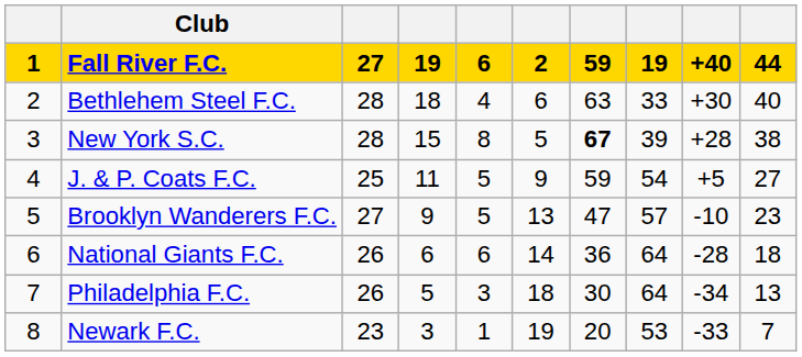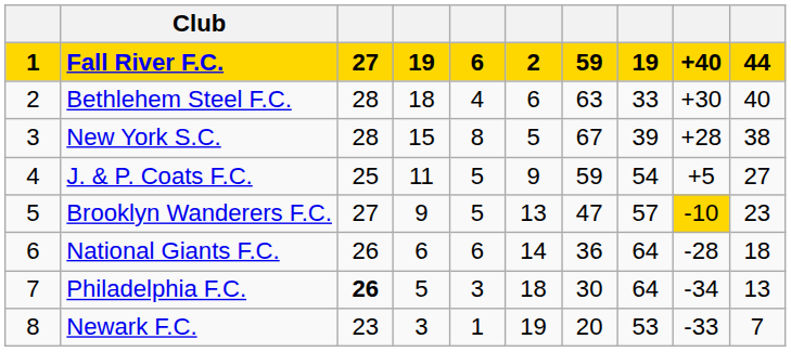 <table class="wikitable" style="text-align:center">
 <tr>
 <th width=30></th>
 <th>Club</th>
 <th width=30></th>
 <th width=30></th>
 <th width=30></th>
 <th width=30></th>
 <th width=30></th>
 <th width=30></th>
 <th width=30></th>
 <th width=30></th>
 </tr>
 <tr bgcolor="gold">
 <td><strong>1</strong></td>
 <td align=left><strong><a href='#'>Fall River F.C.</a></strong></td>
 <td><strong>27</strong></td>
 <td><strong>19</strong></td>
 <td><strong>6</strong></td>
 <td><strong>2</strong></td>
 <td><strong>59</strong></td>
 <td><strong>19</strong></td>
 <td><strong>+40</strong></td>
 <td><strong>44</strong></td>
 </tr>
 <tr>
 <td>2</td>
 <td align=left><a href='#'>Bethlehem Steel F.C.</a></td>
 <td>28</td>
 <td>18</td>
 <td>4</td>
 <td>6</td>
 <td>63</td>
 <td>33</td>
 <td>+30</td>
 <td>40</td>
 </tr>
 <tr>
 <td>3</td>
 <td align=left><a href='#'>New York S.C.</a></td>
 <td>28</td>
 <td>15</td>
 <td>8</td>
 <td>5</td>
-<td><strong>67</strong></td>
+<td>67</td>
 <td>39</td>
 <td>+28</td>
 <td>38</td>
 </tr>
 <tr>
 <td>4</td>
 <td align=left><a href='#'>J. & P. Coats F.C.</a></td>
 <td>25</td>
 <td>11</td>
 <td>5</td>
 <td>9</td>
 <td>59</td>
 <td>54</td>
 <td>+5</td>
 <td>27</td>
 </tr>
 <tr>
 <td>5</td>
 <td align=left><a href='#'>Brooklyn Wanderers F.C.</a></td>
 <td>27</td>
 <td>9</td>
 <td>5</td>
 <td>13</td>
 <td>47</td>
 <td>57</td>
-<td>-10</td>
+<td style="background: gold;">-10</td>
 <td>23</td>
 </tr>
 <tr>
 <td>6</td>
 <td align=left><a href='#'>National Giants F.C.</a></td>
 <td>26</td>
 <td>6</td>
 <td>6</td>
 <td>14</td>
 <td>36</td>
 <td>64</td>
 <td>-28</td>
 <td>18</td>
 </tr>
 <tr>
 <td>7</td>
 <td align=left><a href='#'>Philadelphia F.C.</a></td>
-<td>26</td>
+<td><strong>26</strong></td>
 <td>5</td>
 <td>3</td>
 <td>18</td>
 <td>30</td>
 <td>64</td>
 <td>-34</td>
 <td>13</td>
 </tr>
 <tr>
 <td>8</td>
 <td align=left><a href='#'>Newark F.C.</a></td>
 <td>23</td>
 <td>3</td>
 <td>1</td>
 <td>19</td>
 <td>20</td>
 <td>53</td>
 <td>-33</td>
 <td>7</td>
 </tr>
 </table>
